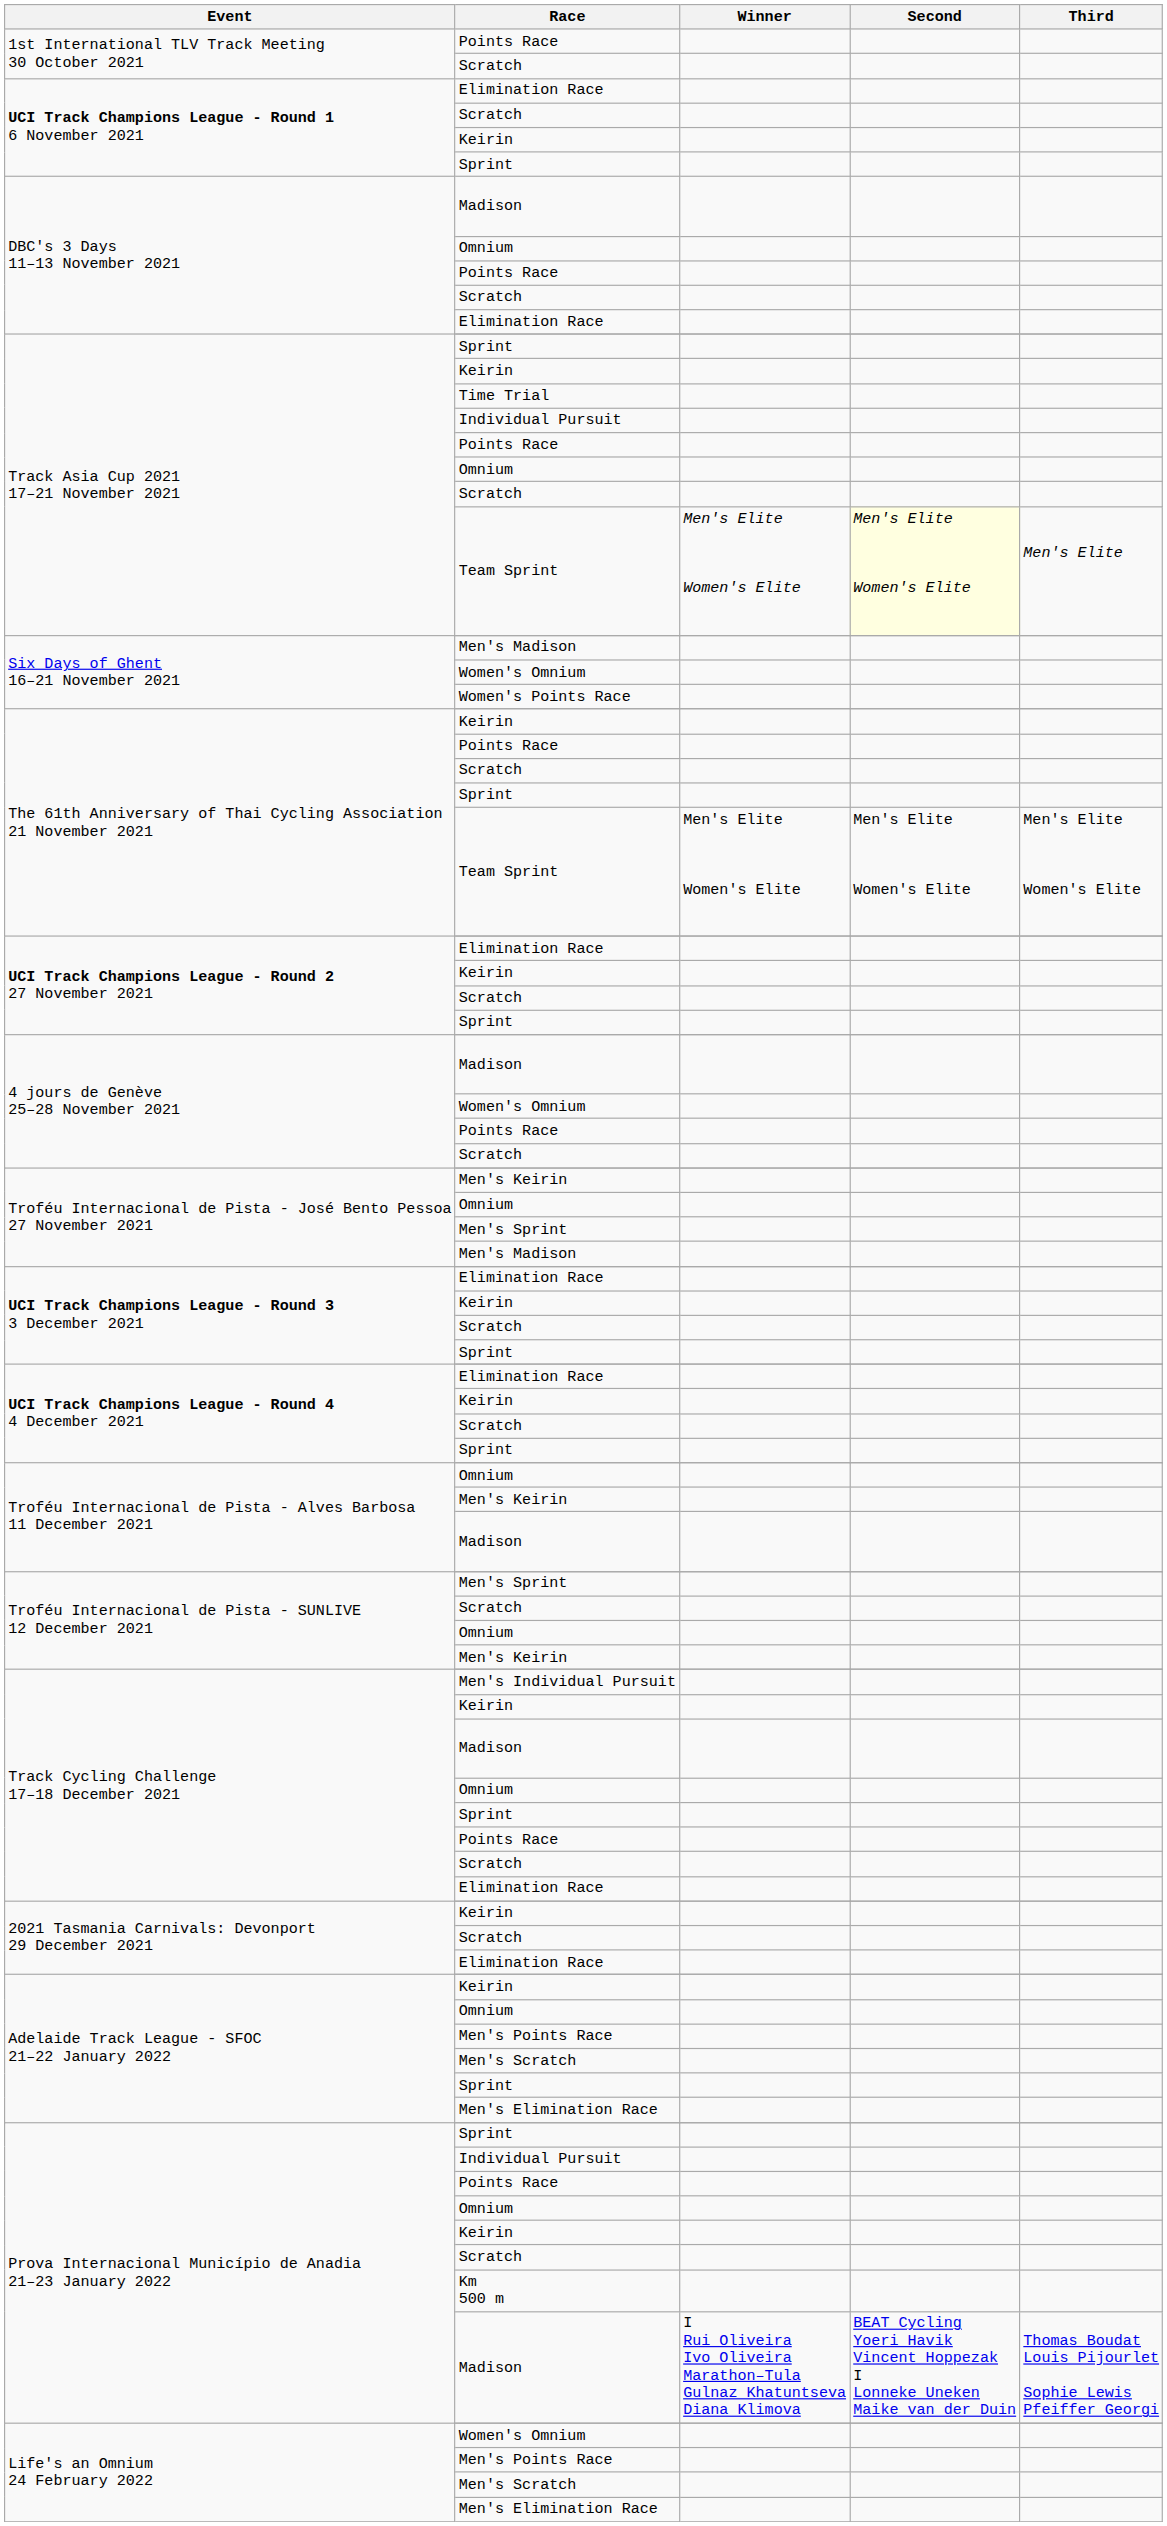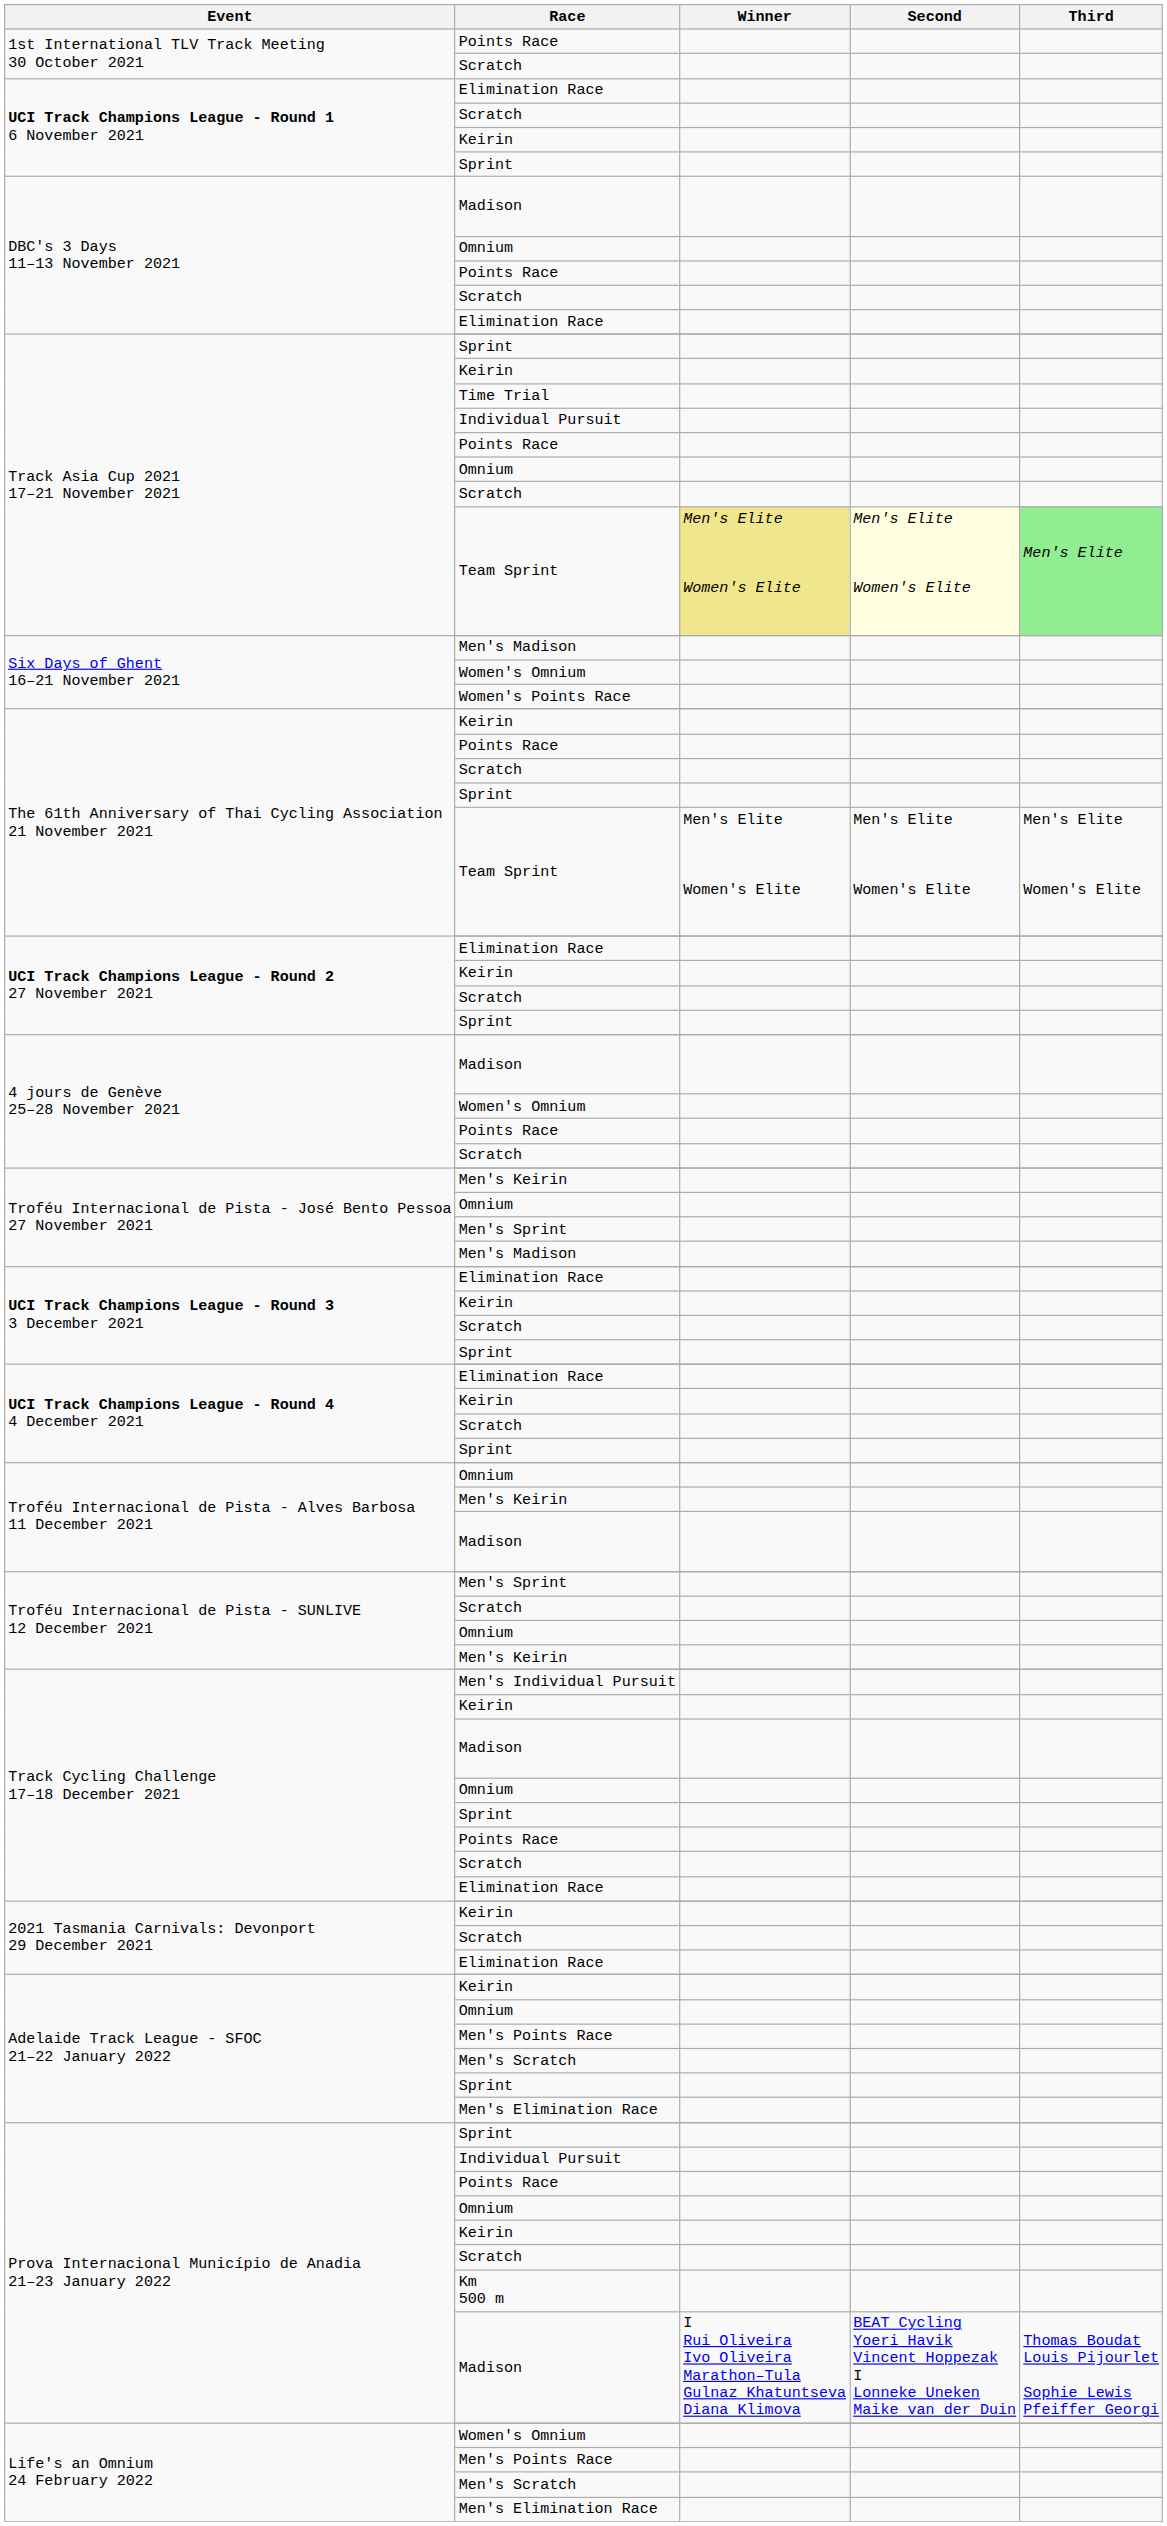 <table class="wikitable sortable">
 <tr>
 <th>Event</th>
 <th>Race</th>
 <th>Winner</th>
 <th>Second</th>
 <th>Third</th>
 </tr>
 <tr>
 <td rowspan=2>1st International TLV Track Meeting<br> 30 October 2021</td>
 <td>Points Race</td>
 <td><br></td>
 <td><br></td>
 <td><br></td>
 </tr>
 <tr>
 <td>Scratch</td>
 <td><br></td>
 <td><br></td>
 <td><br></td>
 </tr>
 <tr>
 <td rowspan=4><strong>UCI Track Champions League - Round 1</strong><br> 6 November 2021</td>
 <td>Elimination Race</td>
 <td><br></td>
 <td><br></td>
 <td><br></td>
 </tr>
 <tr>
 <td>Scratch</td>
 <td><br></td>
 <td><br></td>
 <td><br></td>
 </tr>
 <tr>
 <td>Keirin</td>
 <td><br></td>
 <td><br></td>
 <td><br></td>
 </tr>
 <tr>
 <td>Sprint</td>
 <td><br></td>
 <td><br></td>
 <td><br></td>
 </tr>
 <tr>
 <td rowspan=5>DBC's 3 Days<br> 11–13 November 2021</td>
 <td>Madison</td>
 <td><br><br><br></td>
 <td><br><br><br></td>
 <td><br><br><br></td>
 </tr>
 <tr>
 <td>Omnium</td>
 <td></td>
 <td></td>
 <td></td>
 </tr>
 <tr>
 <td>Points Race</td>
 <td></td>
 <td></td>
 <td></td>
 </tr>
 <tr>
 <td>Scratch</td>
 <td></td>
 <td></td>
 <td></td>
 </tr>
 <tr>
 <td>Elimination Race</td>
 <td></td>
 <td></td>
 <td></td>
 </tr>
 <tr>
 <td rowspan=9>Track Asia Cup 2021<br> 17–21 November 2021</td>
 </tr>
 <tr>
 <td>Sprint</td>
 <td><br></td>
 <td><br></td>
 <td><br></td>
 </tr>
 <tr>
 <td>Keirin</td>
 <td><br></td>
 <td><br></td>
 <td><br></td>
 </tr>
 <tr>
 <td>Time Trial</td>
 <td><br></td>
 <td><br></td>
 <td><br></td>
 </tr>
 <tr>
 <td>Individual Pursuit</td>
 <td><br></td>
 <td><br></td>
 <td><br></td>
 </tr>
 <tr>
 <td>Points Race</td>
 <td><br></td>
 <td><br></td>
 <td><br></td>
 </tr>
 <tr>
 <td>Omnium</td>
 <td><br></td>
 <td><br></td>
 <td><br></td>
 </tr>
 <tr>
 <td>Scratch</td>
 <td><br></td>
 <td><br></td>
 <td><br></td>
 </tr>
 <tr>
 <td>Team Sprint</td>
-<td><em>Men's Elite</em><br><br><br><br><em>Women's Elite</em><br><br><br></td>
+<td style="background: khaki;"><em>Men's Elite</em><br><br><br><br><em>Women's Elite</em><br><br><br></td>
 <td style="background: lightyellow;"><em>Men's Elite</em><br><br><br><br><em>Women's Elite</em><br><br><br></td>
-<td><em>Men's Elite</em><br><br><br></td>
+<td style="background: lightgreen;"><em>Men's Elite</em><br><br><br></td>
 </tr>
 <tr>
 <td rowspan=4><a href='#'>Six Days of Ghent</a><br> 16–21 November 2021</td>
 </tr>
 <tr>
 <td>Men's Madison</td>
 <td><br></td>
 <td><br></td>
 <td><br></td>
 </tr>
 <tr>
 <td>Women's Omnium</td>
 <td></td>
 <td></td>
 <td></td>
 </tr>
 <tr>
 <td>Women's Points Race</td>
 <td></td>
 <td></td>
 <td></td>
 </tr>
 <tr>
 <td rowspan=6>The 61th Anniversary of Thai Cycling Association<br> 21 November 2021</td>
 </tr>
 <tr>
 <td>Keirin</td>
 <td><br></td>
 <td><br></td>
 <td><br></td>
 </tr>
 <tr>
 <td>Points Race</td>
 <td><br></td>
 <td><br></td>
 <td><br></td>
 </tr>
 <tr>
 <td>Scratch</td>
 <td><br></td>
 <td><br></td>
 <td><br></td>
 </tr>
 <tr>
 <td>Sprint</td>
 <td><br></td>
 <td><br></td>
 <td><br></td>
 </tr>
 <tr>
 <td>Team Sprint</td>
 <td>Men's Elite<br><br><br><br>Women's Elite<br><br><br></td>
 <td>Men's Elite<br><br><br><br>Women's Elite<br><br><br></td>
 <td>Men's Elite<br><br><br><br>Women's Elite<br><br><br></td>
 </tr>
 <tr>
 <td rowspan=5><strong>UCI Track Champions League - Round 2</strong><br> 27 November 2021</td>
 </tr>
 <tr>
 <td>Elimination Race</td>
 <td><br></td>
 <td><br></td>
 <td><br></td>
 </tr>
 <tr>
 <td>Keirin</td>
 <td><br></td>
 <td><br></td>
 <td><br></td>
 </tr>
 <tr>
 <td>Scratch</td>
 <td><br></td>
 <td><br></td>
 <td><br></td>
 </tr>
 <tr>
 <td>Sprint</td>
 <td><br></td>
 <td><br></td>
 <td><br></td>
 </tr>
 <tr>
 <td rowspan=5>4 jours de Genève<br> 25–28 November 2021</td>
 </tr>
 <tr>
 <td>Madison</td>
 <td><br><br><br></td>
 <td><br><br><br></td>
 <td><br><br><br></td>
 </tr>
 <tr>
 <td>Women's Omnium</td>
 <td></td>
 <td></td>
 <td></td>
 </tr>
 <tr>
 <td>Points Race</td>
 <td><br></td>
 <td><br></td>
 <td><br></td>
 </tr>
 <tr>
 <td>Scratch</td>
 <td><br></td>
 <td><br></td>
 <td><br></td>
 </tr>
 <tr>
 <td rowspan=5>Troféu Internacional de Pista - José Bento Pessoa<br> 27 November 2021</td>
 </tr>
 <tr>
 <td>Men's Keirin</td>
 <td></td>
 <td></td>
 <td></td>
 </tr>
 <tr>
 <td>Omnium</td>
 <td><br></td>
 <td><br></td>
 <td><br></td>
 </tr>
 <tr>
 <td>Men's Sprint</td>
 <td></td>
 <td></td>
 <td></td>
 </tr>
 <tr>
 <td>Men's Madison</td>
 <td><br></td>
 <td><br></td>
 <td><br></td>
 </tr>
 <tr>
 <td rowspan=5><strong>UCI Track Champions League - Round 3</strong><br> 3 December 2021</td>
 </tr>
 <tr>
 <td>Elimination Race</td>
 <td><br></td>
 <td><br></td>
 <td><br></td>
 </tr>
 <tr>
 <td>Keirin</td>
 <td><br></td>
 <td><br></td>
 <td><br></td>
 </tr>
 <tr>
 <td>Scratch</td>
 <td><br></td>
 <td><br></td>
 <td><br></td>
 </tr>
 <tr>
 <td>Sprint</td>
 <td><br></td>
 <td><br></td>
 <td><br></td>
 </tr>
 <tr>
 <td rowspan=5><strong>UCI Track Champions League - Round 4</strong><br> 4 December 2021</td>
 </tr>
 <tr>
 <td>Elimination Race</td>
 <td><br></td>
 <td><br></td>
 <td><br></td>
 </tr>
 <tr>
 <td>Keirin</td>
 <td><br></td>
 <td><br></td>
 <td><br></td>
 </tr>
 <tr>
 <td>Scratch</td>
 <td><br></td>
 <td><br></td>
 <td><br></td>
 </tr>
 <tr>
 <td>Sprint</td>
 <td><br></td>
 <td><br></td>
 <td><br></td>
 </tr>
 <tr>
 <td rowspan=4>Troféu Internacional de Pista - Alves Barbosa<br> 11 December 2021</td>
 </tr>
 <tr>
 <td>Omnium</td>
 <td><br></td>
 <td><br></td>
 <td><br></td>
 </tr>
 <tr>
 <td>Men's Keirin</td>
 <td></td>
 <td></td>
 <td></td>
 </tr>
 <tr>
 <td>Madison</td>
 <td><br><br><br></td>
 <td><br><br><br></td>
 <td><br><br><br></td>
 </tr>
 <tr>
 <td rowspan=5>Troféu Internacional de Pista - SUNLIVE<br> 12 December 2021</td>
 </tr>
 <tr>
 <td>Men's Sprint</td>
 <td></td>
 <td></td>
 <td></td>
 </tr>
 <tr>
 <td>Scratch</td>
 <td><br></td>
 <td><br></td>
 <td><br></td>
 </tr>
 <tr>
 <td>Omnium</td>
 <td><br></td>
 <td><br></td>
 <td><br></td>
 </tr>
 <tr>
 <td>Men's Keirin</td>
 <td></td>
 <td></td>
 <td></td>
 </tr>
 <tr>
 <td rowspan=9>Track Cycling Challenge<br> 17–18 December 2021</td>
 </tr>
 <tr>
 <td>Men's Individual Pursuit</td>
 <td></td>
 <td></td>
 <td></td>
 </tr>
 <tr>
 <td>Keirin</td>
 <td><br></td>
 <td><br></td>
 <td><br></td>
 </tr>
 <tr>
 <td>Madison</td>
 <td><br><br><br></td>
 <td><br><br><br></td>
 <td><br><br><br></td>
 </tr>
 <tr>
 <td>Omnium</td>
 <td><br></td>
 <td><br></td>
 <td><br></td>
 </tr>
 <tr>
 <td>Sprint</td>
 <td><br></td>
 <td><br></td>
 <td><br></td>
 </tr>
 <tr>
 <td>Points Race</td>
 <td><br></td>
 <td><br></td>
 <td><br></td>
 </tr>
 <tr>
 <td>Scratch</td>
 <td><br></td>
 <td><br></td>
 <td><br></td>
 </tr>
 <tr>
 <td>Elimination Race</td>
 <td><br></td>
 <td><br></td>
 <td><br></td>
 </tr>
 <tr>
 <td rowspan=4>2021 Tasmania Carnivals: Devonport<br> 29 December 2021</td>
 </tr>
 <tr>
 <td>Keirin</td>
 <td><br></td>
 <td><br></td>
 <td><br></td>
 </tr>
 <tr>
 <td>Scratch</td>
 <td><br></td>
 <td><br></td>
 <td><br></td>
 </tr>
 <tr>
 <td>Elimination Race</td>
 <td><br></td>
 <td><br></td>
 <td><br></td>
 </tr>
 <tr>
 <td rowspan=7>Adelaide Track League - SFOC<br> 21–22 January 2022</td>
 </tr>
 <tr>
 <td>Keirin</td>
 <td><br></td>
 <td><br></td>
 <td><br></td>
 </tr>
 <tr>
 <td>Omnium</td>
 <td><br></td>
 <td><br></td>
 <td><br></td>
 </tr>
 <tr>
 <td>Men's Points Race</td>
 <td></td>
 <td></td>
 <td></td>
 </tr>
 <tr>
 <td>Men's Scratch</td>
 <td></td>
 <td></td>
 <td></td>
 </tr>
 <tr>
 <td>Sprint</td>
 <td><br></td>
 <td><br></td>
 <td><br></td>
 </tr>
 <tr>
 <td>Men's Elimination Race</td>
 <td></td>
 <td></td>
 <td></td>
 </tr>
 <tr>
 <td rowspan=9>Prova Internacional Município de Anadia<br> 21–23 January 2022</td>
 </tr>
 <tr>
 <td>Sprint</td>
 <td><br></td>
 <td><br></td>
 <td><br></td>
 </tr>
 <tr>
 <td>Individual Pursuit</td>
 <td><br></td>
 <td><br></td>
 <td><br></td>
 </tr>
 <tr>
 <td>Points Race</td>
 <td><br></td>
 <td><br></td>
 <td><br></td>
 </tr>
 <tr>
 <td>Omnium</td>
 <td><br></td>
 <td><br></td>
 <td><br></td>
 </tr>
 <tr>
 <td>Keirin</td>
 <td><br></td>
 <td><br></td>
 <td><br></td>
 </tr>
 <tr>
 <td>Scratch</td>
 <td><br></td>
 <td><br></td>
 <td><br></td>
 </tr>
 <tr>
 <td>Km<br>500 m</td>
 <td><br></td>
 <td><br></td>
 <td><br></td>
 </tr>
 <tr>
 <td>Madison</td>
 <td> I<br><a href='#'>Rui Oliveira</a><br><a href='#'>Ivo Oliveira</a><br> <a href='#'>Marathon–Tula</a><br><a href='#'>Gulnaz Khatuntseva</a><br><a href='#'>Diana Klimova</a></td>
 <td> <a href='#'>BEAT Cycling</a><br><a href='#'>Yoeri Havik</a><br><a href='#'>Vincent Hoppezak</a><br> I<br><a href='#'>Lonneke Uneken</a><br><a href='#'>Maike van der Duin</a></td>
 <td><br><a href='#'>Thomas Boudat</a><br><a href='#'>Louis Pijourlet</a><br><br><a href='#'>Sophie Lewis</a><br><a href='#'>Pfeiffer Georgi</a></td>
 </tr>
 <tr>
 <td rowspan=6>Life's an Omnium<br> 24 February 2022</td>
 </tr>
 <tr>
 <td>Women's Omnium</td>
 <td></td>
 <td></td>
 <td></td>
 </tr>
 <tr>
 <td>Men's Points Race</td>
 <td></td>
 <td></td>
 <td></td>
 </tr>
 <tr>
 <td>Men's Scratch</td>
 <td></td>
 <td></td>
 <td></td>
 </tr>
 <tr>
 <td>Men's Elimination Race</td>
 <td></td>
 <td></td>
 <td></td>
 </tr>
 </table>
